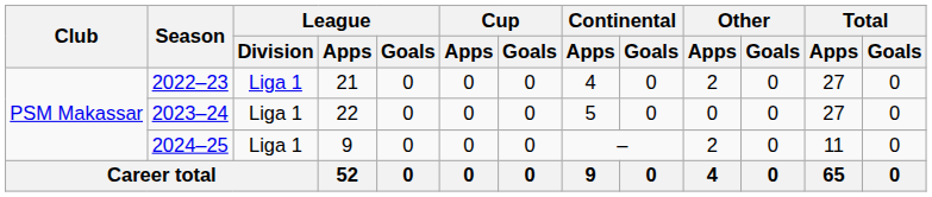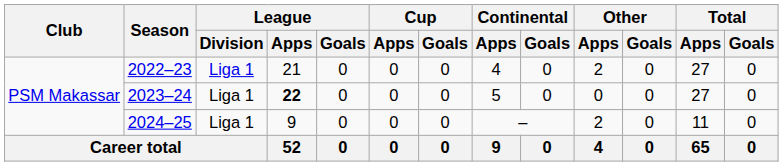 <table class="wikitable" style="text-align: center">
 <tr>
 <th rowspan="2">Club</th>
 <th rowspan="2">Season</th>
 <th colspan="3">League</th>
 <th colspan="2">Cup</th>
 <th colspan="2">Continental</th>
 <th colspan="2">Other</th>
 <th colspan="2">Total</th>
 </tr>
 <tr>
 <th>Division</th>
 <th>Apps</th>
 <th>Goals</th>
 <th>Apps</th>
 <th>Goals</th>
 <th>Apps</th>
 <th>Goals</th>
 <th>Apps</th>
 <th>Goals</th>
 <th>Apps</th>
 <th>Goals</th>
 </tr>
 <tr>
 <td rowspan="3"><a href='#'>PSM Makassar</a></td>
 <td><a href='#'>2022–23</a></td>
 <td rowspan="1" valign="center"><a href='#'>Liga 1</a></td>
 <td>21</td>
 <td>0</td>
 <td>0</td>
 <td>0</td>
 <td>4</td>
 <td>0</td>
 <td>2</td>
 <td>0</td>
 <td>27</td>
 <td>0</td>
 </tr>
 <tr>
 <td><a href='#'>2023–24</a></td>
 <td>Liga 1</td>
-<td>22</td>
+<td><strong>22</strong></td>
 <td>0</td>
 <td>0</td>
 <td>0</td>
 <td>5</td>
 <td>0</td>
 <td>0</td>
 <td>0</td>
 <td>27</td>
 <td>0</td>
 </tr>
 <tr>
 <td><a href='#'>2024–25</a></td>
 <td>Liga 1</td>
 <td>9</td>
 <td>0</td>
 <td>0</td>
 <td>0</td>
 <td colspan="2">–</td>
 <td>2</td>
 <td>0</td>
 <td>11</td>
 <td>0</td>
 </tr>
 <tr>
 <th colspan=3>Career total</th>
 <th>52</th>
 <th>0</th>
 <th>0</th>
 <th>0</th>
 <th>9</th>
 <th>0</th>
 <th>4</th>
 <th>0</th>
 <th>65</th>
 <th>0</th>
 </tr>
 </table>
